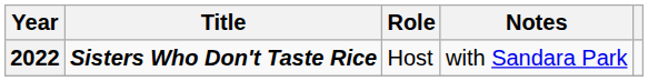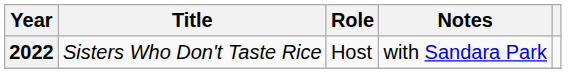 <table class="wikitable plainrowheaders">
 <tr>
 <th scope="col">Year</th>
 <th scope="col">Title</th>
 <th scope="col">Role</th>
 <th scope="col">Notes</th>
 <th scope="col" class="unsortable"></th>
 </tr>
 <tr>
 <th scope="row">2022</th>
-<td><strong><em>Sisters Who Don't Taste Rice</em></strong></td>
+<td><em>Sisters Who Don't Taste Rice</em></td>
 <td>Host</td>
 <td>with <a href='#'>Sandara Park</a></td>
 <td></td>
 </tr>
 <tr>
 </tr>
 </table>
